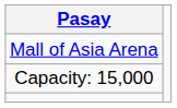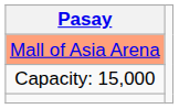 <table class="wikitable" style="margin:1em auto; text-align:center">
 <tr>
 <th><a href='#'>Pasay</a></th>
 <td rowspan=4></td>
 </tr>
 <tr>
-<td><a href='#'>Mall of Asia Arena</a></td>
+<td style="background: lightsalmon;"><a href='#'>Mall of Asia Arena</a></td>
 </tr>
 <tr>
 <td>Capacity: 15,000</td>
 </tr>
 <tr>
 <td></td>
 </tr>
 </table>
